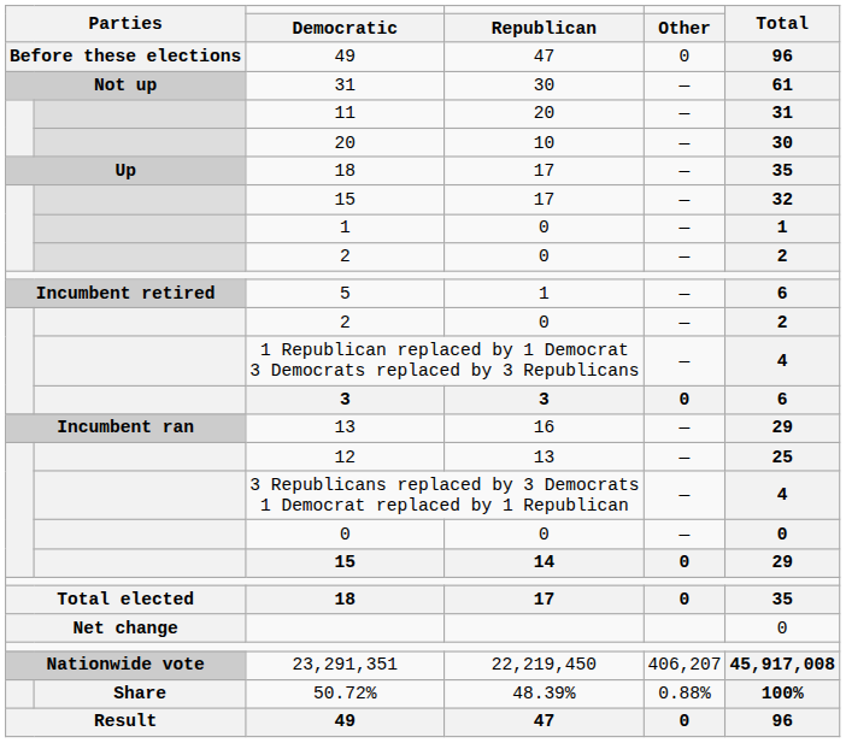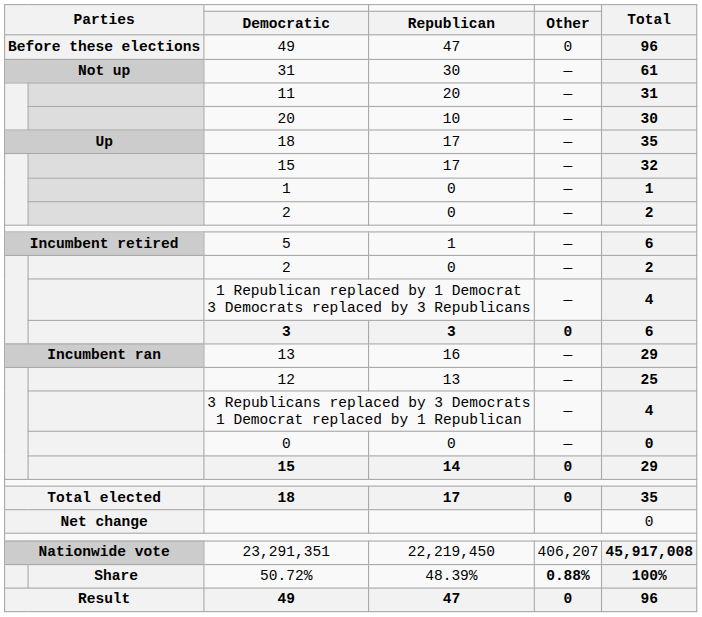 <table class=wikitable style=text-align:center>
 <tr>
 <th colspan=2 rowspan=2>Parties</th>
 <td></td>
 <td></td>
 <td></td>
 <th rowspan=2>Total</th>
 </tr>
 <tr valign=bottom>
 <th>Democratic</th>
 <th>Republican</th>
 <th>Other</th>
 </tr>
 <tr>
 <th colspan=2>Before these elections</th>
 <td>49</td>
 <td>47</td>
 <td>0</td>
 <th>96</th>
 </tr>
 <tr>
 <th colspan=2 style="background:#ccc">Not up</th>
 <td>31</td>
 <td>30</td>
 <td>—</td>
 <th>61</th>
 </tr>
 <tr>
 <th rowspan=2></th>
 <th style="background:#ddd"></th>
 <td>11</td>
 <td>20</td>
 <td>—</td>
 <th>31</th>
 </tr>
 <tr>
 <th style="background:#ddd"></th>
 <td>20</td>
 <td>10</td>
 <td>—</td>
 <th>30</th>
 </tr>
 <tr>
 <th colspan=2 style="background:#ccc">Up</th>
 <td>18</td>
 <td>17</td>
 <td>—</td>
 <th>35</th>
 </tr>
 <tr>
 <th rowspan=3></th>
 <th style="background:#ddd"></th>
 <td>15</td>
 <td>17</td>
 <td>—</td>
 <th>32</th>
 </tr>
 <tr>
 <th style="background:#ddd"></th>
 <td>1</td>
 <td>0</td>
 <td>—</td>
 <th>1</th>
 </tr>
 <tr>
 <th style="background:#ddd"></th>
 <td>2</td>
 <td>0</td>
 <td>—</td>
 <th>2</th>
 </tr>
 <tr>
 <td colspan=100></td>
 </tr>
 <tr>
 <th colspan=2 style="background:#ccc">Incumbent retired</th>
 <td>5</td>
 <td>1</td>
 <td>—</td>
 <th>6</th>
 </tr>
 <tr>
 <th rowspan=3></th>
 <th></th>
 <td>2</td>
 <td>0</td>
 <td>—</td>
 <th>2</th>
 </tr>
 <tr>
 <th></th>
 <td colspan=2 >1 Republican replaced by 1 Democrat<br>3 Democrats replaced by 3 Republicans</td>
 <td>—</td>
 <th>4</th>
 </tr>
 <tr>
 <th></th>
 <th>3</th>
 <th>3</th>
 <th>0</th>
 <th>6</th>
 </tr>
 <tr>
 <th colspan=2 style="background:#ccc">Incumbent ran</th>
 <td>13</td>
 <td>16</td>
 <td>—</td>
 <th>29</th>
 </tr>
 <tr>
 <th rowspan=4></th>
 <th></th>
 <td>12</td>
 <td>13</td>
 <td>—</td>
 <th>25</th>
 </tr>
 <tr>
 <th></th>
 <td colspan=2 >3 Republicans replaced by 3 Democrats<br>1 Democrat replaced by 1 Republican</td>
 <td>—</td>
 <th>4</th>
 </tr>
 <tr>
 <th></th>
 <td>0</td>
 <td>0</td>
 <td>—</td>
 <th>0</th>
 </tr>
 <tr>
 <th></th>
 <th>15</th>
 <th>14</th>
 <th>0</th>
 <th>29</th>
 </tr>
 <tr>
 <td colspan=99></td>
 </tr>
 <tr>
 <th colspan=2>Total elected</th>
 <th>18</th>
 <th>17</th>
 <th>0</th>
 <th>35</th>
 </tr>
 <tr>
 <th colspan=2>Net change</th>
 <td></td>
 <td></td>
 <td></td>
 <td>0</td>
 </tr>
 <tr>
 <td colspan=99></td>
 </tr>
 <tr>
 <th colspan=2 style="background:#ccc">Nationwide vote</th>
 <td>23,291,351</td>
 <td>22,219,450</td>
 <td>406,207</td>
 <th>45,917,008</th>
 </tr>
 <tr>
 <th></th>
 <th>Share</th>
 <td>50.72%</td>
 <td>48.39%</td>
-<td>0.88%</td>
+<td><strong>0.88%</strong></td>
 <th>100%</th>
 </tr>
 <tr>
 <th colspan=2>Result</th>
 <th>49</th>
 <th>47</th>
 <th>0</th>
 <th>96</th>
 </tr>
 </table>
